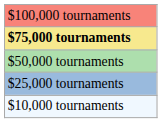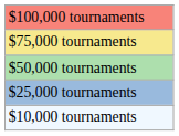 <table class="wikitable" style="font-size:85%;" width=12%>
 <tr bgcolor="#F88379">
 <td>$100,000 tournaments</td>
 </tr>
 <tr bgcolor="#F7E98E">
-<td><strong>$75,000 tournaments</strong></td>
+<td>$75,000 tournaments</td>
 </tr>
 <tr bgcolor="#ADDFAD">
 <td>$50,000 tournaments</td>
 </tr>
 <tr bgcolor="#99BADD">
 <td>$25,000 tournaments</td>
 </tr>
 <tr bgcolor="#f0f8ff">
 <td>$10,000 tournaments</td>
 </tr>
 </table>
